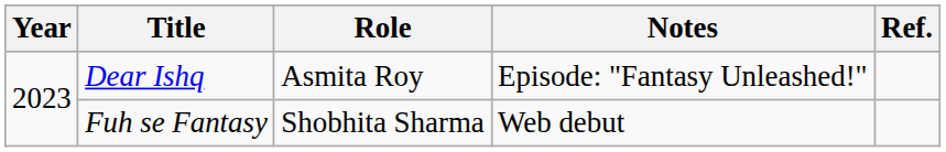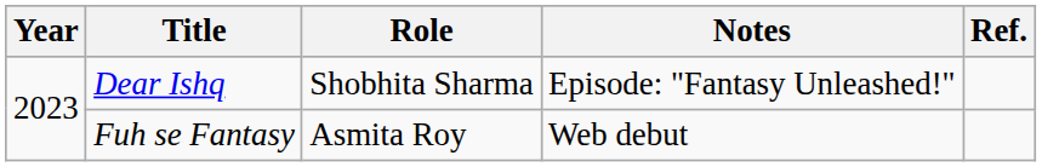 <table class="wikitable sortable">
 <tr>
 <th>Year</th>
 <th>Title</th>
 <th>Role</th>
 <th class="unsortable">Notes</th>
 <th class="unsortable">Ref.</th>
 </tr>
 <tr>
 <td rowspan="2">2023</td>
 <td><em><a href='#'>Dear Ishq</a></em></td>
-<td>Asmita Roy</td>
+<td>Shobhita Sharma</td>
 <td>Episode: "Fantasy Unleashed!"</td>
 <td></td>
 </tr>
 <tr>
 <td><em>Fuh se Fantasy</em></td>
-<td>Shobhita Sharma</td>
+<td>Asmita Roy</td>
 <td>Web debut</td>
 <td></td>
 </tr>
 </table>
